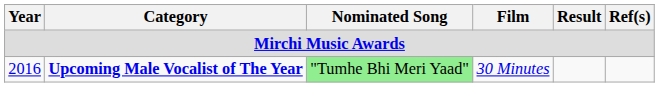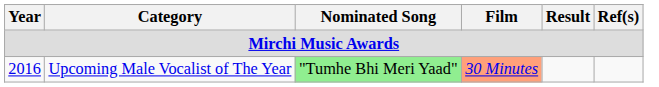 <table class="wikitable">
 <tr>
 <th>Year</th>
 <th>Category</th>
 <th>Nominated Song</th>
 <th>Film</th>
 <th>Result</th>
 <th><abbr>Ref(s)</abbr></th>
 </tr>
 <tr>
 <td colspan="6" style="text-align: center; background:#ddd; "><strong><a href='#'>Mirchi Music Awards</a></strong></td>
 </tr>
 <tr>
 <td><a href='#'>2016</a></td>
-<td><strong><a href='#'>Upcoming Male Vocalist of The Year</a></strong></td>
+<td><a href='#'>Upcoming Male Vocalist of The Year</a></td>
 <td style="background: lightgreen;">"Tumhe Bhi Meri Yaad"</td>
-<td><em><a href='#'>30 Minutes</a></em></td>
+<td style="background: lightsalmon;"><em><a href='#'>30 Minutes</a></em></td>
 <td></td>
 <td></td>
 </tr>
 </table>
